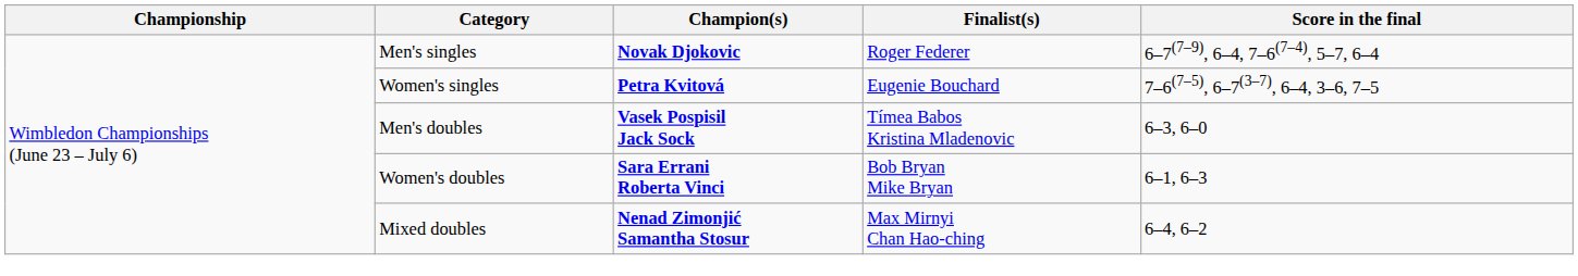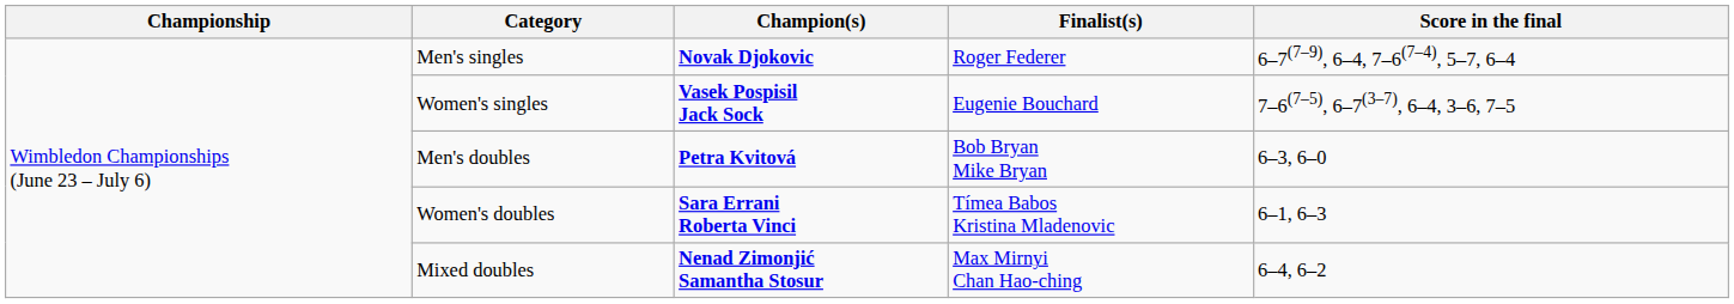 <table class="wikitable"  style="font-size:90%; width:100%;">
 <tr>
 <th>Championship</th>
 <th>Category</th>
 <th>Champion(s)</th>
 <th>Finalist(s)</th>
 <th>Score in the final</th>
 </tr>
 <tr>
 <td rowspan="5"><a href='#'>Wimbledon Championships</a><br>(June 23 – July 6)</td>
 <td>Men's singles</td>
 <td> <strong><a href='#'>Novak Djokovic</a></strong></td>
 <td> <a href='#'>Roger Federer</a></td>
 <td>6–7<sup>(7–9)</sup>, 6–4, 7–6<sup>(7–4)</sup>, 5–7, 6–4</td>
 </tr>
 <tr>
 <td>Women's singles</td>
-<td> <strong><a href='#'>Petra Kvitová</a></strong></td>
+<td> <strong><a href='#'>Vasek Pospisil</a></strong> <br>  <strong><a href='#'>Jack Sock</a></strong></td>
 <td> <a href='#'>Eugenie Bouchard</a></td>
 <td>7–6<sup>(7–5)</sup>, 6–7<sup>(3–7)</sup>, 6–4, 3–6, 7–5</td>
 </tr>
 <tr>
 <td>Men's doubles</td>
-<td> <strong><a href='#'>Vasek Pospisil</a></strong> <br>  <strong><a href='#'>Jack Sock</a></strong></td>
-<td> <a href='#'>Tímea Babos</a> <br>  <a href='#'>Kristina Mladenovic</a></td>
+<td> <strong><a href='#'>Petra Kvitová</a></strong></td>
+<td> <a href='#'>Bob Bryan</a> <br>  <a href='#'>Mike Bryan</a></td>
 <td>6–3, 6–0</td>
 </tr>
 <tr>
 <td>Women's doubles</td>
 <td> <strong><a href='#'>Sara Errani</a></strong> <br>  <strong><a href='#'>Roberta Vinci</a></strong></td>
-<td> <a href='#'>Bob Bryan</a> <br>  <a href='#'>Mike Bryan</a></td>
+<td> <a href='#'>Tímea Babos</a> <br>  <a href='#'>Kristina Mladenovic</a></td>
 <td>6–1, 6–3</td>
 </tr>
 <tr>
 <td>Mixed doubles</td>
 <td> <strong><a href='#'>Nenad Zimonjić</a></strong> <br>  <strong><a href='#'>Samantha Stosur</a></strong></td>
 <td> <a href='#'>Max Mirnyi</a> <br>  <a href='#'>Chan Hao-ching</a></td>
 <td>6–4, 6–2</td>
 </tr>
 </table>
